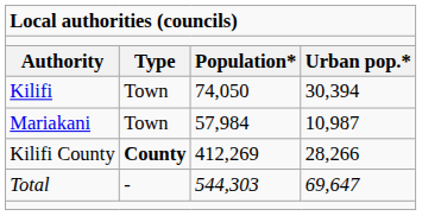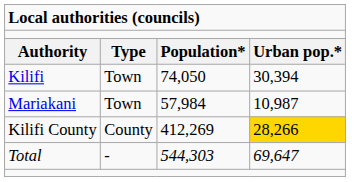 <table class="wikitable">
 <tr>
 <td colspan="4"><strong>Local authorities (councils)</strong></td>
 </tr>
 <tr>
 <td colspan="4"></td>
 </tr>
 <tr>
 <th>Authority</th>
 <th>Type</th>
 <th>Population*</th>
 <th>Urban pop.*</th>
 </tr>
 <tr>
 <td><a href='#'>Kilifi</a></td>
 <td>Town</td>
 <td>74,050</td>
 <td>30,394</td>
 </tr>
 <tr>
 <td><a href='#'>Mariakani</a></td>
 <td>Town</td>
 <td>57,984</td>
 <td>10,987</td>
 </tr>
 <tr>
 <td>Kilifi County</td>
-<td><strong>County</strong></td>
+<td>County</td>
 <td>412,269</td>
-<td>28,266</td>
+<td style="background: gold;">28,266</td>
 </tr>
 <tr>
 <td><em>Total</em></td>
 <td>-</td>
 <td><em>544,303</em></td>
 <td><em>69,647</em></td>
 </tr>
 <tr>
 <td colspan="4"></td>
 </tr>
 </table>
